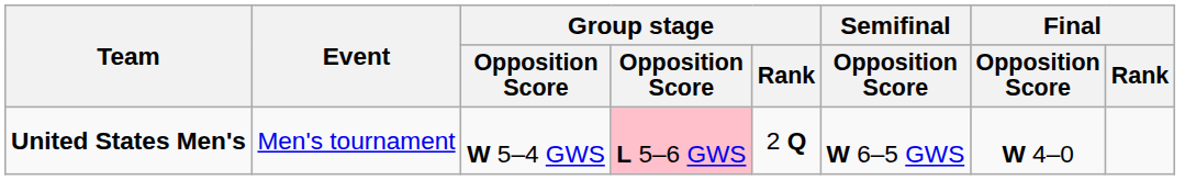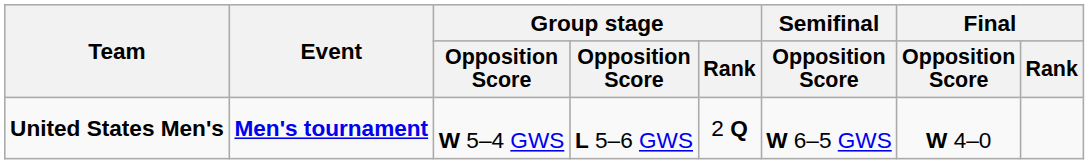 <table class="wikitable" style="font-size:90%">
 <tr>
 <th rowspan=2>Team</th>
 <th rowspan=2>Event</th>
 <th colspan=3>Group stage</th>
 <th>Semifinal</th>
 <th colspan=2>Final</th>
 </tr>
 <tr style="font-size:95%">
 <th>Opposition<br>Score</th>
 <th>Opposition<br>Score</th>
 <th>Rank</th>
 <th>Opposition<br>Score</th>
 <th>Opposition<br>Score</th>
 <th>Rank</th>
 </tr>
 <tr align=center>
 <td align=left><strong>United States Men's</strong></td>
-<td align=left><a href='#'>Men's tournament</a></td>
+<td align=left><strong><a href='#'>Men's tournament</a></strong></td>
 <td><br><strong>W</strong> 5–4 <a href='#'>GWS</a></td>
-<td style="background: pink;"><br><strong>L</strong> 5–6 <a href='#'>GWS</a></td>
+<td><br><strong>L</strong> 5–6 <a href='#'>GWS</a></td>
 <td>2 <strong>Q</strong></td>
 <td><br><strong>W</strong> 6–5 <a href='#'>GWS</a></td>
 <td><br><strong>W</strong> 4–0</td>
 <td></td>
 </tr>
 </table>
